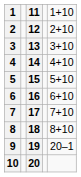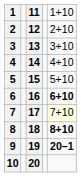 <table class="wikitable" style="text-align: right;">
 <tr>
 <th>1</th>
 <td></td>
 <th>11</th>
 <td></td>
 <td>1+10</td>
 </tr>
 <tr>
 <th>2</th>
 <td></td>
 <th>12</th>
 <td></td>
 <td>2+10</td>
 </tr>
 <tr>
 <th>3</th>
 <td></td>
 <th>13</th>
 <td></td>
 <td>3+10</td>
 </tr>
 <tr>
 <th>4</th>
 <td></td>
 <th>14</th>
 <td></td>
 <td>4+10</td>
 </tr>
 <tr>
 <th>5</th>
 <td></td>
 <th>15</th>
 <td></td>
 <td>5+10</td>
 </tr>
 <tr>
 <th>6</th>
 <td></td>
 <th>16</th>
 <td></td>
-<td>6+10</td>
+<td><strong>6+10</strong></td>
 </tr>
 <tr>
 <th>7</th>
 <td></td>
 <th>17</th>
 <td></td>
-<td>7+10</td>
+<td style="background: lightyellow;">7+10</td>
 </tr>
 <tr>
 <th>8</th>
 <td></td>
 <th>18</th>
 <td></td>
-<td>8+10</td>
+<td><strong>8+10</strong></td>
 </tr>
 <tr>
 <th>9</th>
 <td></td>
 <th>19</th>
 <td></td>
-<td>20–1</td>
+<td><strong>20–1</strong></td>
 </tr>
 <tr>
 <th>10</th>
 <td></td>
 <th>20</th>
 <td></td>
 <td></td>
 </tr>
 </table>
